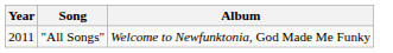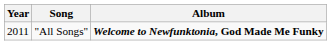 <table class="wikitable">
 <tr>
 <th>Year</th>
 <th>Song</th>
 <th>Album</th>
 </tr>
 <tr>
 <td>2011</td>
 <td>"All Songs"</td>
-<td><em>Welcome to Newfunktonia</em>, God Made Me Funky</td>
+<td><strong><em>Welcome to Newfunktonia</em>, God Made Me Funky</strong></td>
 </tr>
 </table>
